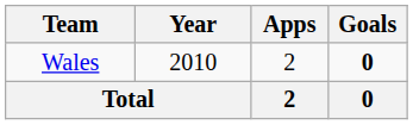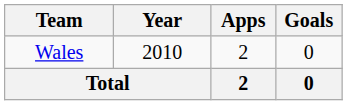 <table class="wikitable" style="text-align:center;">
 <tr>
 <th width="80">Team</th>
 <th width="70">Year</th>
 <th width="45">Apps</th>
 <th width="45">Goals</th>
 </tr>
 <tr>
 <td rowspan="1"><a href='#'>Wales</a></td>
 <td>2010</td>
 <td>2</td>
-<td><strong>0</strong></td>
+<td>0</td>
 </tr>
 <tr>
 <th colspan="2">Total</th>
 <th>2</th>
 <th>0</th>
 </tr>
 </table>
